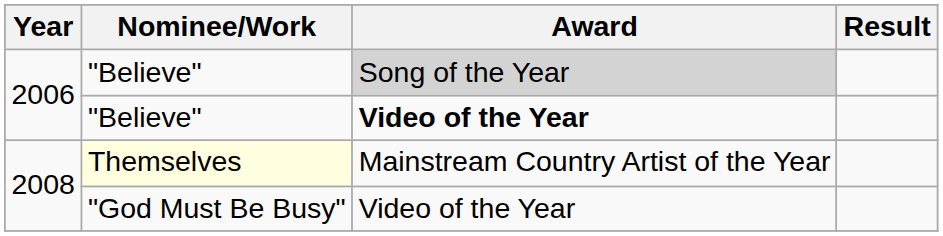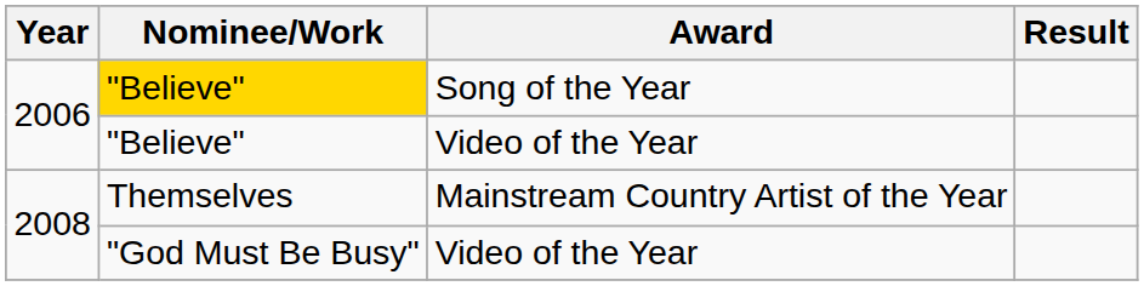 <table class="wikitable">
 <tr>
 <th>Year</th>
 <th>Nominee/Work</th>
 <th>Award</th>
 <th>Result</th>
 </tr>
 <tr>
 <td rowspan=2>2006</td>
-<td>"Believe"</td>
-<td style="background: lightgrey;">Song of the Year</td>
+<td style="background: gold;">"Believe"</td>
+<td>Song of the Year</td>
 <td></td>
 </tr>
 <tr>
 <td>"Believe"</td>
-<td><strong>Video of the Year</strong></td>
+<td>Video of the Year</td>
 <td></td>
 </tr>
 <tr>
 <td rowspan=2>2008</td>
-<td style="background: lightyellow;">Themselves</td>
+<td>Themselves</td>
 <td>Mainstream Country Artist of the Year</td>
 <td></td>
 </tr>
 <tr>
 <td>"God Must Be Busy"</td>
 <td>Video of the Year</td>
 <td></td>
 </tr>
 </table>
